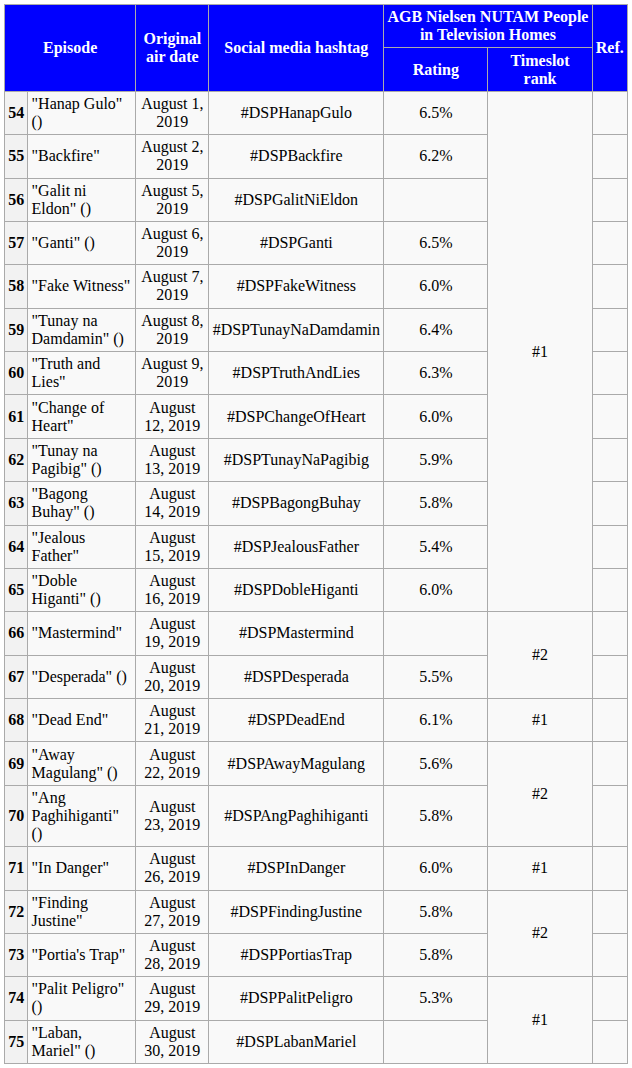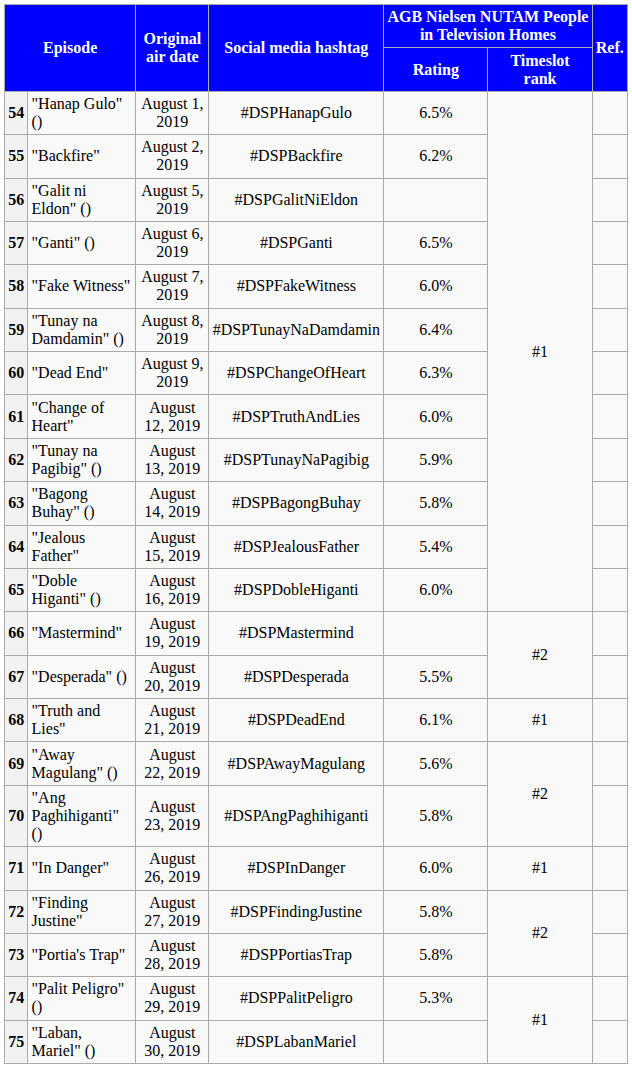 <table class="wikitable" style="text-align:center; font-size:100%; line-height:18px;" width="100%">
 <tr>
 <th style="background-color:#0000FF; color:#ffffff;" colspan="2" rowspan="2">Episode</th>
 <th style="background-color:#0000FF; color:white" rowspan="2">Original air date</th>
 <th style="background-color:#0000FF; color:white" rowspan="2">Social media hashtag</th>
 <th style="background-color:#0000FF; color:#ffffff;" colspan="2">AGB Nielsen NUTAM People in Television Homes</th>
 <th style="background-color:#0000FF; color:#ffffff;" rowspan="2">Ref.</th>
 </tr>
 <tr>
 <th style="background-color:#0000FF; width:75px; color:#ffffff;">Rating</th>
 <th style="background-color:#0000FF; width:75px; color:#ffffff;">Timeslot<br>rank</th>
 </tr>
 <tr>
 <th>54</th>
 <td style="text-align: left;">"Hanap Gulo" ()</td>
 <td>August 1, 2019</td>
 <td>#DSPHanapGulo</td>
 <td>6.5%</td>
 <td rowspan="12">#1</td>
 <td></td>
 </tr>
 <tr>
 <th>55</th>
 <td style="text-align: left;">"Backfire"</td>
 <td>August 2, 2019</td>
 <td>#DSPBackfire</td>
 <td>6.2%</td>
 <td></td>
 </tr>
 <tr>
 <th>56</th>
 <td style="text-align: left;">"Galit ni Eldon" ()</td>
 <td>August 5, 2019</td>
 <td>#DSPGalitNiEldon</td>
 <td></td>
 <td></td>
 </tr>
 <tr>
 <th>57</th>
 <td style="text-align: left;">"Ganti" ()</td>
 <td>August 6, 2019</td>
 <td>#DSPGanti</td>
 <td>6.5%</td>
 <td></td>
 </tr>
 <tr>
 <th>58</th>
 <td style="text-align: left;">"Fake Witness"</td>
 <td>August 7, 2019</td>
 <td>#DSPFakeWitness</td>
 <td>6.0%</td>
 <td></td>
 </tr>
 <tr>
 <th>59</th>
 <td style="text-align: left;">"Tunay na Damdamin" ()</td>
 <td>August 8, 2019</td>
 <td>#DSPTunayNaDamdamin</td>
 <td>6.4%</td>
 <td></td>
 </tr>
 <tr>
 <th>60</th>
-<td style="text-align: left;">"Truth and Lies"</td>
+<td style="text-align: left;">"Dead End"</td>
 <td>August 9, 2019</td>
-<td>#DSPTruthAndLies</td>
+<td>#DSPChangeOfHeart</td>
 <td>6.3%</td>
 <td></td>
 </tr>
 <tr>
 <th>61</th>
 <td style="text-align: left;">"Change of Heart"</td>
 <td>August 12, 2019</td>
-<td>#DSPChangeOfHeart</td>
+<td>#DSPTruthAndLies</td>
 <td>6.0%</td>
 <td></td>
 </tr>
 <tr>
 <th>62</th>
 <td style="text-align: left;">"Tunay na Pagibig" ()</td>
 <td>August 13, 2019</td>
 <td>#DSPTunayNaPagibig</td>
 <td>5.9%</td>
 <td></td>
 </tr>
 <tr>
 <th>63</th>
 <td style="text-align: left;">"Bagong Buhay" ()</td>
 <td>August 14, 2019</td>
 <td>#DSPBagongBuhay</td>
 <td>5.8%</td>
 <td></td>
 </tr>
 <tr>
 <th>64</th>
 <td style="text-align: left;">"Jealous Father"</td>
 <td>August 15, 2019</td>
 <td>#DSPJealousFather</td>
 <td>5.4%</td>
 <td></td>
 </tr>
 <tr>
 <th>65</th>
 <td style="text-align: left;">"Doble Higanti" ()</td>
 <td>August 16, 2019</td>
 <td>#DSPDobleHiganti</td>
 <td>6.0%</td>
 <td></td>
 </tr>
 <tr>
 <th>66</th>
 <td style="text-align: left;">"Mastermind"</td>
 <td>August 19, 2019</td>
 <td>#DSPMastermind</td>
 <td></td>
 <td rowspan="2">#2</td>
 <td></td>
 </tr>
 <tr>
 <th>67</th>
 <td style="text-align: left;">"Desperada" ()</td>
 <td>August 20, 2019</td>
 <td>#DSPDesperada</td>
 <td>5.5%</td>
 <td></td>
 </tr>
 <tr>
 <th>68</th>
-<td style="text-align: left;">"Dead End"</td>
+<td style="text-align: left;">"Truth and Lies"</td>
 <td>August 21, 2019</td>
 <td>#DSPDeadEnd</td>
 <td>6.1%</td>
 <td>#1</td>
 <td></td>
 </tr>
 <tr>
 <th>69</th>
 <td style="text-align: left;">"Away Magulang" ()</td>
 <td>August 22, 2019</td>
 <td>#DSPAwayMagulang</td>
 <td>5.6%</td>
 <td rowspan="2">#2</td>
 <td></td>
 </tr>
 <tr>
 <th>70</th>
 <td style="text-align: left;">"Ang Paghihiganti" ()</td>
 <td>August 23, 2019</td>
 <td>#DSPAngPaghihiganti</td>
 <td>5.8%</td>
 <td></td>
 </tr>
 <tr>
 <th>71</th>
 <td style="text-align: left;">"In Danger"</td>
 <td>August 26, 2019</td>
 <td>#DSPInDanger</td>
 <td>6.0%</td>
 <td>#1</td>
 <td></td>
 </tr>
 <tr>
 <th>72</th>
 <td style="text-align: left;">"Finding Justine"</td>
 <td>August 27, 2019</td>
 <td>#DSPFindingJustine</td>
 <td>5.8%</td>
 <td rowspan="2">#2</td>
 <td></td>
 </tr>
 <tr>
 <th>73</th>
 <td style="text-align: left;">"Portia's Trap"</td>
 <td>August 28, 2019</td>
 <td>#DSPPortiasTrap</td>
 <td>5.8%</td>
 <td></td>
 </tr>
 <tr>
 <th>74</th>
 <td style="text-align: left;">"Palit Peligro" ()</td>
 <td>August 29, 2019</td>
 <td>#DSPPalitPeligro</td>
 <td>5.3%</td>
 <td rowspan="2">#1</td>
 <td></td>
 </tr>
 <tr>
 <th>75</th>
 <td style="text-align: left;">"Laban, Mariel" ()</td>
 <td>August 30, 2019</td>
 <td>#DSPLabanMariel</td>
 <td></td>
 <td></td>
 </tr>
 </table>
